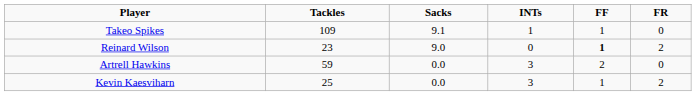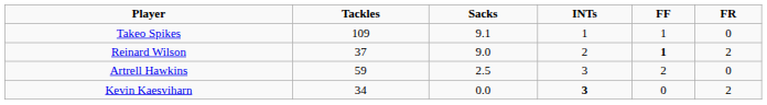 <table class="wikitable" width="80%">
 <tr align="center">
 <td><strong>Player</strong></td>
 <td><strong>Tackles</strong></td>
 <td><strong>Sacks</strong></td>
 <td><strong>INTs</strong></td>
 <td><strong>FF</strong></td>
 <td><strong>FR</strong></td>
 </tr>
 <tr align="center" bgcolor="">
 <td><a href='#'>Takeo Spikes</a></td>
 <td>109</td>
 <td>9.1</td>
 <td>1</td>
 <td>1</td>
 <td>0</td>
 </tr>
 <tr align="center" bgcolor="">
 <td><a href='#'>Reinard Wilson</a></td>
-<td>23</td>
+<td>37</td>
 <td>9.0</td>
-<td>0</td>
+<td>2</td>
 <td><strong>1</strong></td>
 <td>2</td>
 </tr>
 <tr align="center" bgcolor="">
 <td><a href='#'>Artrell Hawkins</a></td>
 <td>59</td>
-<td>0.0</td>
+<td>2.5</td>
 <td>3</td>
 <td>2</td>
 <td>0</td>
 </tr>
 <tr align="center" bgcolor="">
 <td><a href='#'>Kevin Kaesviharn</a></td>
-<td>25</td>
+<td>34</td>
 <td>0.0</td>
-<td>3</td>
-<td>1</td>
+<td><strong>3</strong></td>
+<td>0</td>
 <td>2</td>
 </tr>
 </table>
